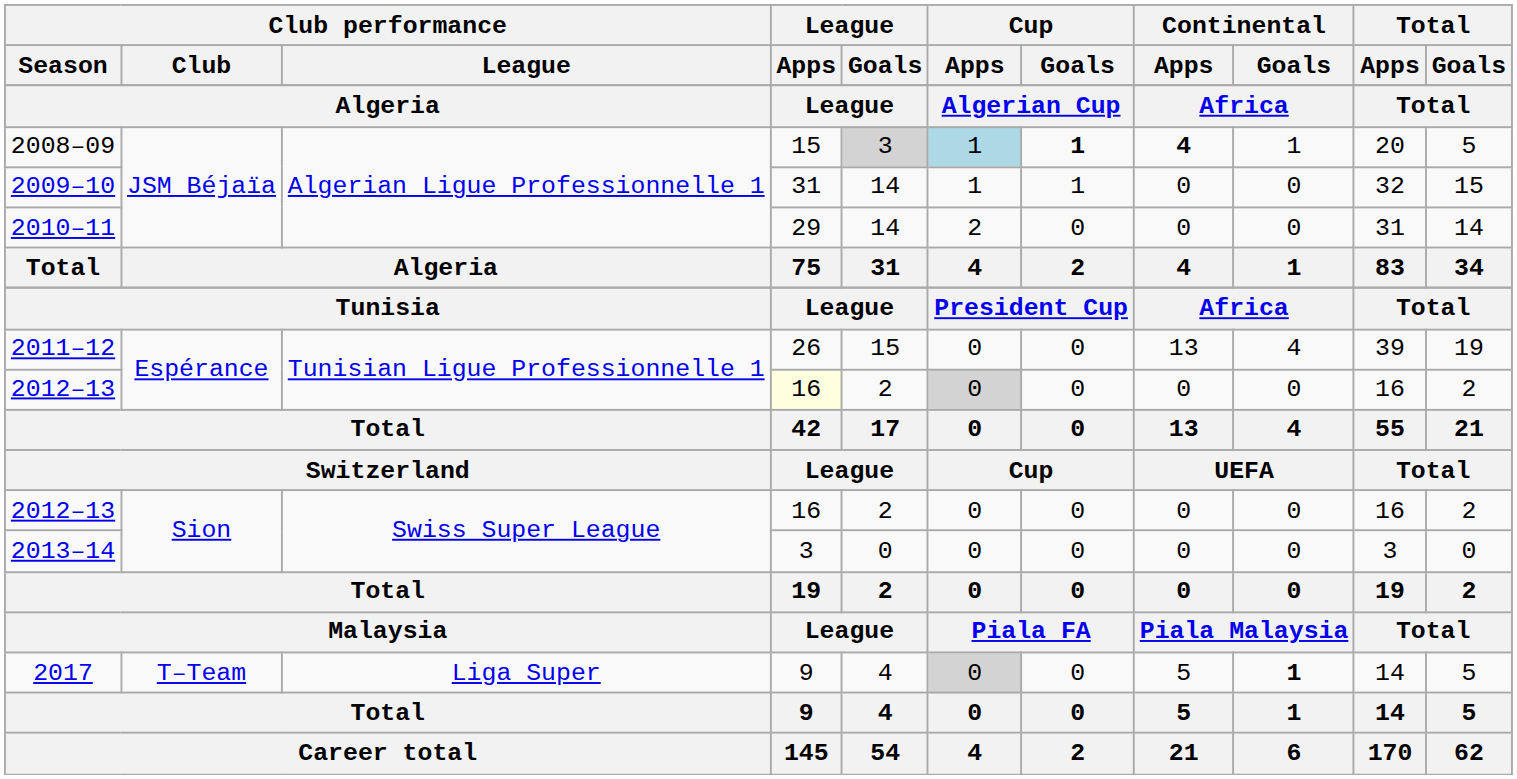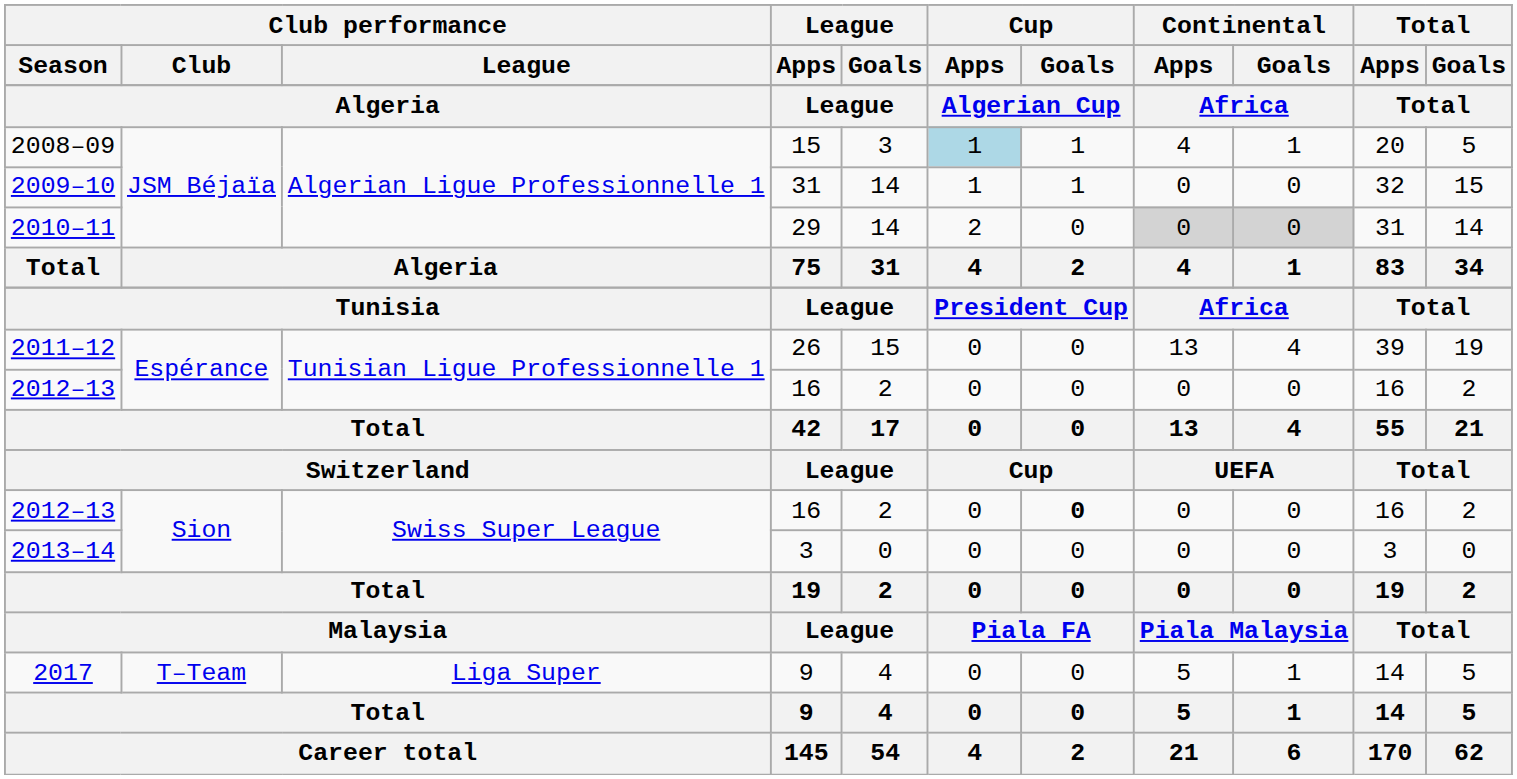 <table class="wikitable" style="text-align:center">
 <tr>
 <th colspan=3>Club performance</th>
 <th colspan=2>League</th>
 <th colspan=2>Cup</th>
 <th colspan=2>Continental</th>
 <th colspan=2>Total</th>
 </tr>
 <tr>
 <th>Season</th>
 <th>Club</th>
 <th>League</th>
 <th>Apps</th>
 <th>Goals</th>
 <th>Apps</th>
 <th>Goals</th>
 <th>Apps</th>
 <th>Goals</th>
 <th>Apps</th>
 <th>Goals</th>
 </tr>
 <tr>
 </tr>
 <tr>
 <th colspan=3>Algeria</th>
 <th colspan=2>League</th>
 <th colspan=2><a href='#'>Algerian Cup</a></th>
 <th colspan=2><a href='#'>Africa</a></th>
 <th colspan=2>Total</th>
 </tr>
 <tr>
 <td>2008–09</td>
 <td rowspan="3"><a href='#'>JSM Béjaïa</a></td>
 <td rowspan="3"><a href='#'>Algerian Ligue Professionnelle 1</a></td>
 <td>15</td>
-<td style="background: lightgrey;">3</td>
+<td>3</td>
 <td style="background: lightblue;">1</td>
-<td><strong>1</strong></td>
-<td><strong>4</strong></td>
+<td>1</td>
+<td>4</td>
 <td>1</td>
 <td>20</td>
 <td>5</td>
 </tr>
 <tr>
 <td><a href='#'>2009–10</a></td>
 <td>31</td>
 <td>14</td>
 <td>1</td>
 <td>1</td>
 <td>0</td>
 <td>0</td>
 <td>32</td>
 <td>15</td>
 </tr>
 <tr>
 <td><a href='#'>2010–11</a></td>
 <td>29</td>
 <td>14</td>
 <td>2</td>
 <td>0</td>
-<td>0</td>
-<td>0</td>
+<td style="background: lightgrey;">0</td>
+<td style="background: lightgrey;">0</td>
 <td>31</td>
 <td>14</td>
 </tr>
 <tr>
 <th rowspan=1>Total</th>
 <th colspan=2>Algeria</th>
 <th>75</th>
 <th>31</th>
 <th>4</th>
 <th>2</th>
 <th>4</th>
 <th>1</th>
 <th>83</th>
 <th>34</th>
 </tr>
 <tr>
 </tr>
 <tr>
 <th colspan=3>Tunisia</th>
 <th colspan=2>League</th>
 <th colspan=2><a href='#'>President Cup</a></th>
 <th colspan=2><a href='#'>Africa</a></th>
 <th colspan=2>Total</th>
 </tr>
 <tr>
 <td><a href='#'>2011–12</a></td>
 <td rowspan="2"><a href='#'>Espérance</a></td>
 <td rowspan="2"><a href='#'>Tunisian Ligue Professionnelle 1</a></td>
 <td>26</td>
 <td>15</td>
 <td>0</td>
 <td>0</td>
 <td>13</td>
 <td>4</td>
 <td>39</td>
 <td>19</td>
 </tr>
 <tr>
 <td><a href='#'>2012–13</a></td>
-<td style="background: lightyellow;">16</td>
+<td>16</td>
 <td>2</td>
-<td style="background: lightgrey;">0</td>
+<td>0</td>
 <td>0</td>
 <td>0</td>
 <td>0</td>
 <td>16</td>
 <td>2</td>
 </tr>
 <tr>
 <th colspan=3>Total</th>
 <th>42</th>
 <th>17</th>
 <th>0</th>
 <th>0</th>
 <th>13</th>
 <th>4</th>
 <th>55</th>
 <th>21</th>
 </tr>
 <tr>
 <th colspan=3>Switzerland</th>
 <th colspan=2>League</th>
 <th colspan=2>Cup</th>
 <th colspan=2>UEFA</th>
 <th colspan=2>Total</th>
 </tr>
 <tr>
 <td><a href='#'>2012–13</a></td>
 <td rowspan="2"><a href='#'>Sion</a></td>
 <td rowspan="2"><a href='#'>Swiss Super League</a></td>
 <td>16</td>
 <td>2</td>
 <td>0</td>
-<td>0</td>
+<td><strong>0</strong></td>
 <td>0</td>
 <td>0</td>
 <td>16</td>
 <td>2</td>
 </tr>
 <tr>
 <td><a href='#'>2013–14</a></td>
 <td>3</td>
 <td>0</td>
 <td>0</td>
 <td>0</td>
 <td>0</td>
 <td>0</td>
 <td>3</td>
 <td>0</td>
 </tr>
 <tr>
 <th colspan=3>Total</th>
 <th>19</th>
 <th>2</th>
 <th>0</th>
 <th>0</th>
 <th>0</th>
 <th>0</th>
 <th>19</th>
 <th>2</th>
 </tr>
 <tr>
 <th colspan=3>Malaysia</th>
 <th colspan=2>League</th>
 <th colspan=2><a href='#'>Piala FA</a></th>
 <th colspan=2><a href='#'>Piala Malaysia</a></th>
 <th colspan=2>Total</th>
 </tr>
 <tr>
 <td><a href='#'>2017</a></td>
 <td><a href='#'>T–Team</a></td>
 <td><a href='#'>Liga Super</a></td>
 <td>9</td>
 <td>4</td>
-<td style="background: lightgrey;">0</td>
+<td>0</td>
 <td>0</td>
 <td>5</td>
-<td><strong>1</strong></td>
+<td>1</td>
 <td>14</td>
 <td>5</td>
 </tr>
 <tr>
 <th colspan=3>Total</th>
 <th>9</th>
 <th>4</th>
 <th>0</th>
 <th>0</th>
 <th>5</th>
 <th>1</th>
 <th>14</th>
 <th>5</th>
 </tr>
 <tr>
 <th colspan=3>Career total</th>
 <th>145</th>
 <th>54</th>
 <th>4</th>
 <th>2</th>
 <th>21</th>
 <th>6</th>
 <th>170</th>
 <th>62</th>
 </tr>
 </table>
